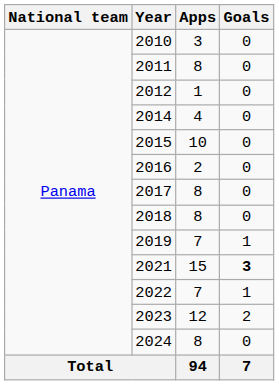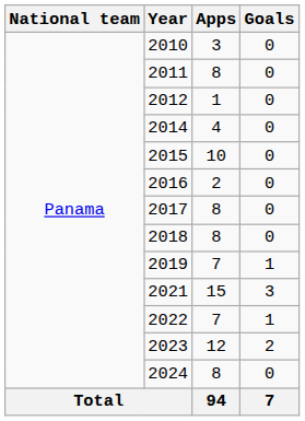 <table class="wikitable" style="text-align:center">
 <tr>
 <th>National team</th>
 <th>Year</th>
 <th>Apps</th>
 <th>Goals</th>
 </tr>
 <tr>
 <td rowspan=13><a href='#'>Panama</a></td>
 <td>2010</td>
 <td>3</td>
 <td>0</td>
 </tr>
 <tr>
 <td>2011</td>
 <td>8</td>
 <td>0</td>
 </tr>
 <tr>
 <td>2012</td>
 <td>1</td>
 <td>0</td>
 </tr>
 <tr>
 <td>2014</td>
 <td>4</td>
 <td>0</td>
 </tr>
 <tr>
 <td>2015</td>
 <td>10</td>
 <td>0</td>
 </tr>
 <tr>
 <td>2016</td>
 <td>2</td>
 <td>0</td>
 </tr>
 <tr>
 <td>2017</td>
 <td>8</td>
 <td>0</td>
 </tr>
 <tr>
 <td>2018</td>
 <td>8</td>
 <td>0</td>
 </tr>
 <tr>
 <td>2019</td>
 <td>7</td>
 <td>1</td>
 </tr>
 <tr>
 <td>2021</td>
 <td>15</td>
-<td><strong>3</strong></td>
+<td>3</td>
 </tr>
 <tr>
 <td>2022</td>
 <td>7</td>
 <td>1</td>
 </tr>
 <tr>
 <td>2023</td>
 <td>12</td>
 <td>2</td>
 </tr>
 <tr>
 <td>2024</td>
 <td>8</td>
 <td>0</td>
 </tr>
 <tr>
 <th colspan=2>Total</th>
 <th>94</th>
 <th>7</th>
 </tr>
 </table>
